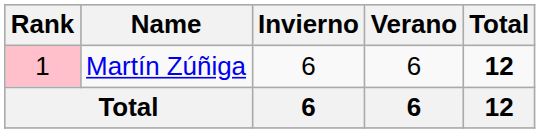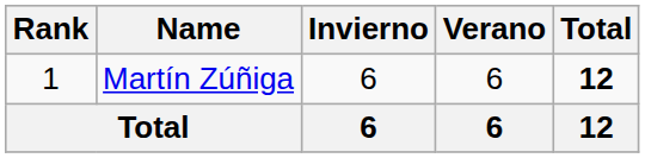 <table class="wikitable" style="text-align: center;">
 <tr>
 <th>Rank</th>
 <th>Name</th>
 <th>Invierno</th>
 <th>Verano</th>
 <th>Total</th>
 </tr>
 <tr>
-<td style="background: pink;">1</td>
+<td>1</td>
 <td align=left> <a href='#'>Martín Zúñiga</a></td>
 <td>6</td>
 <td>6</td>
 <td><strong>12</strong></td>
 </tr>
 <tr>
 <th colspan=2>Total</th>
 <th>6</th>
 <th>6</th>
 <th>12</th>
 </tr>
 </table>
